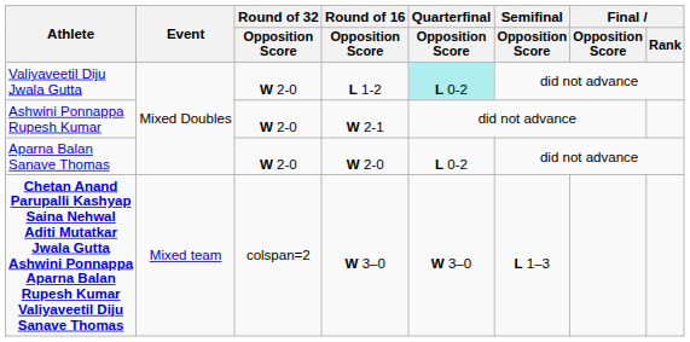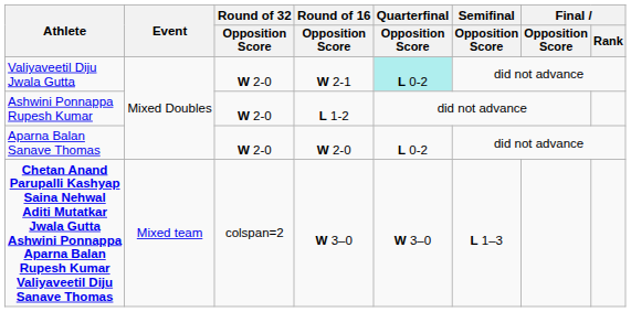 <table class=wikitable style="font-size:90%">
 <tr>
 <th rowspan="2">Athlete</th>
 <th rowspan="2">Event</th>
 <th>Round of 32</th>
 <th>Round of 16</th>
 <th>Quarterfinal</th>
 <th>Semifinal</th>
 <th colspan=2>Final / </th>
 </tr>
 <tr style="font-size:95%">
 <th>Opposition<br>Score</th>
 <th>Opposition<br>Score</th>
 <th>Opposition<br>Score</th>
 <th>Opposition<br>Score</th>
 <th>Opposition<br>Score</th>
 <th>Rank</th>
 </tr>
 <tr align=center>
 <td align=left><a href='#'>Valiyaveetil Diju</a><br><a href='#'>Jwala Gutta</a></td>
 <td align=left rowspan=3>Mixed Doubles</td>
 <td><br> <strong>W</strong> 2-0</td>
-<td><br> <strong>L</strong> 1-2</td>
+<td><br> <strong>W</strong> 2-1</td>
 <td style="background: paleturquoise;"><br> <strong>L</strong> 0-2</td>
 <td colspan="3">did not advance</td>
 </tr>
 <tr align=center>
 <td align=left><a href='#'>Ashwini Ponnappa</a><br><a href='#'>Rupesh Kumar</a></td>
 <td><br> <strong>W</strong> 2-0</td>
-<td><br> <strong>W</strong> 2-1</td>
+<td><br> <strong>L</strong> 1-2</td>
 <td colspan="3">did not advance</td>
 </tr>
 <tr align=center>
 <td align=left><a href='#'>Aparna Balan</a><br><a href='#'>Sanave Thomas</a></td>
 <td><br> <strong>W</strong> 2-0</td>
 <td><br> <strong>W</strong> 2-0</td>
 <td><br> <strong>L</strong> 0-2</td>
 <td colspan="3">did not advance</td>
 </tr>
 <tr align=center>
 <td><strong><a href='#'>Chetan Anand</a><br><a href='#'>Parupalli Kashyap</a><br><a href='#'>Saina Nehwal</a><br><a href='#'>Aditi Mutatkar</a><br><a href='#'>Jwala Gutta</a><br><a href='#'>Ashwini Ponnappa</a><br><a href='#'>Aparna Balan</a><br><a href='#'>Rupesh Kumar</a><br><a href='#'>Valiyaveetil Diju</a><br><a href='#'>Sanave Thomas</a></strong></td>
 <td><a href='#'>Mixed team</a></td>
 <td>colspan=2 </td>
 <td> <br> <strong>W</strong> 3–0</td>
 <td> <br> <strong>W</strong> 3–0</td>
 <td> <br> <strong>L</strong> 1–3</td>
 <td></td>
 </tr>
 </table>
